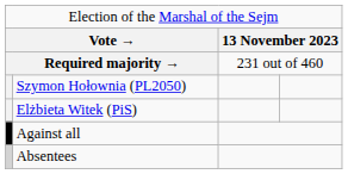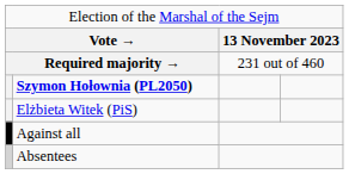 <table class="wikitable" style="text-align:center;">
 <tr>
 <td colspan="4" align="center">Election of the <a href='#'>Marshal of the Sejm</a></td>
 </tr>
 <tr>
 <th colspan="2" width="225px">Vote →</th>
 <th colspan="2">13 November 2023</th>
 </tr>
 <tr>
 <th colspan="2">Required majority →</th>
 <td colspan="2">231 out of 460</td>
 </tr>
 <tr>
 <th width="1px" style="background:"></th>
-<td align="left"><a href='#'>Szymon Hołownia</a> (<a href='#'>PL2050</a>)</td>
+<td align="left"><strong><a href='#'>Szymon Hołownia</a> (<a href='#'>PL2050</a>)</strong></td>
 <td></td>
 <td></td>
 </tr>
 <tr>
 <th style="background:"></th>
 <td align="left"><a href='#'>Elżbieta Witek</a> (<a href='#'>PiS</a>)</td>
 <td></td>
 <td></td>
 </tr>
 <tr>
 <th style="background:black;"></th>
 <td align="left">Against all</td>
 <td colspan="2"></td>
 </tr>
 <tr>
 <th style="background:lightgray;"></th>
 <td align="left">Absentees</td>
 <td colspan="2"></td>
 </tr>
 </table>
